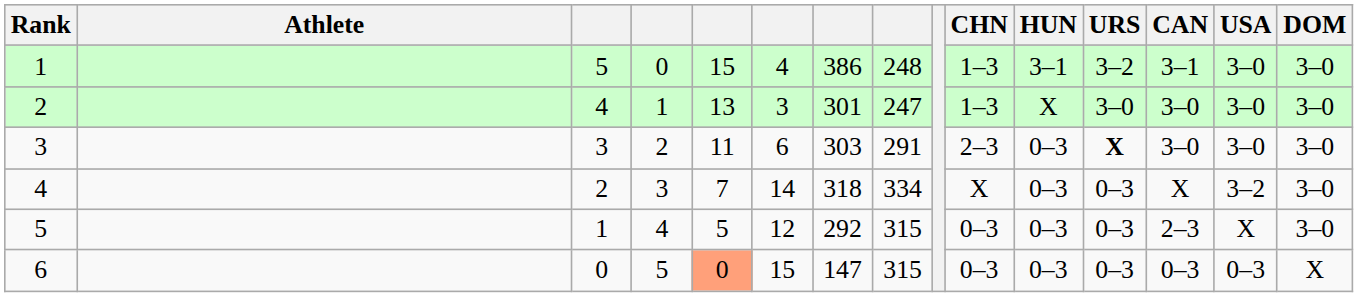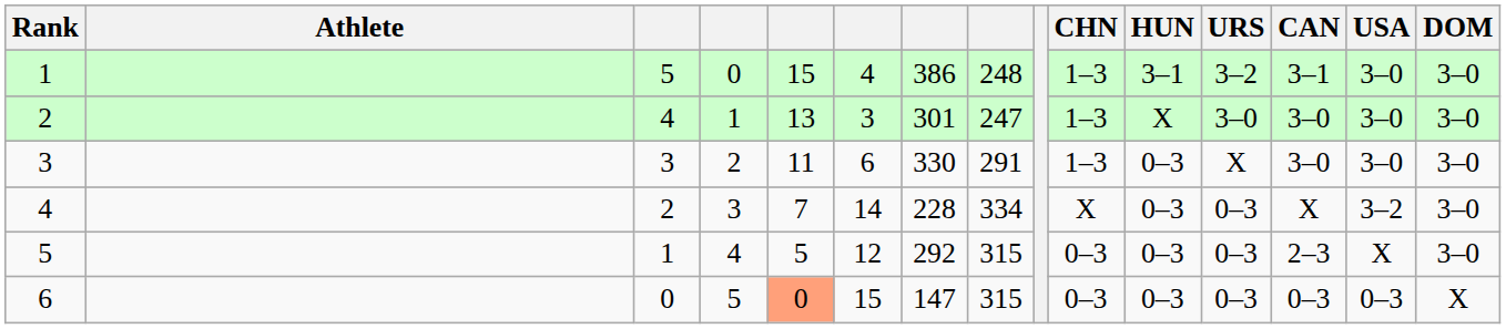 <table class="wikitable" style="text-align:center">
 <tr>
 <th>Rank</th>
 <th width=300>Athlete</th>
 <th width=30></th>
 <th width=30></th>
 <th width=30></th>
 <th width=30></th>
 <th width=30></th>
 <th width=30></th>
 <th rowspan=7></th>
 <th width=30>CHN</th>
 <th width=30>HUN</th>
 <th width=30>URS</th>
 <th width=30>CAN</th>
 <th width=30>USA</th>
 <th width=30>DOM</th>
 </tr>
 <tr style="background-color:#ccffcc;">
 <td>1</td>
 <td align=left></td>
 <td>5</td>
 <td>0</td>
 <td>15</td>
 <td>4</td>
 <td>386</td>
 <td>248</td>
 <td>1–3</td>
 <td>3–1</td>
 <td>3–2</td>
 <td>3–1</td>
 <td>3–0</td>
 <td>3–0</td>
 </tr>
 <tr style="background-color:#ccffcc;">
 <td>2</td>
 <td align=left></td>
 <td>4</td>
 <td>1</td>
 <td>13</td>
 <td>3</td>
 <td>301</td>
 <td>247</td>
 <td>1–3</td>
 <td>X</td>
 <td>3–0</td>
 <td>3–0</td>
 <td>3–0</td>
 <td>3–0</td>
 </tr>
 <tr>
 <td>3</td>
 <td align=left></td>
 <td>3</td>
 <td>2</td>
 <td>11</td>
 <td>6</td>
-<td>303</td>
+<td>330</td>
 <td>291</td>
-<td>2–3</td>
+<td>1–3</td>
 <td>0–3</td>
-<td><strong>X</strong></td>
+<td>X</td>
 <td>3–0</td>
 <td>3–0</td>
 <td>3–0</td>
 </tr>
 <tr>
 <td>4</td>
 <td align=left></td>
 <td>2</td>
 <td>3</td>
 <td>7</td>
 <td>14</td>
-<td>318</td>
+<td>228</td>
 <td>334</td>
 <td>X</td>
 <td>0–3</td>
 <td>0–3</td>
 <td>X</td>
 <td>3–2</td>
 <td>3–0</td>
 </tr>
 <tr>
 <td>5</td>
 <td align=left></td>
 <td>1</td>
 <td>4</td>
 <td>5</td>
 <td>12</td>
 <td>292</td>
 <td>315</td>
 <td>0–3</td>
 <td>0–3</td>
 <td>0–3</td>
 <td>2–3</td>
 <td>X</td>
 <td>3–0</td>
 </tr>
 <tr>
 <td>6</td>
 <td align=left></td>
 <td>0</td>
 <td>5</td>
 <td style="background: lightsalmon;">0</td>
 <td>15</td>
 <td>147</td>
 <td>315</td>
 <td>0–3</td>
 <td>0–3</td>
 <td>0–3</td>
 <td>0–3</td>
 <td>0–3</td>
 <td>X</td>
 </tr>
 </table>
